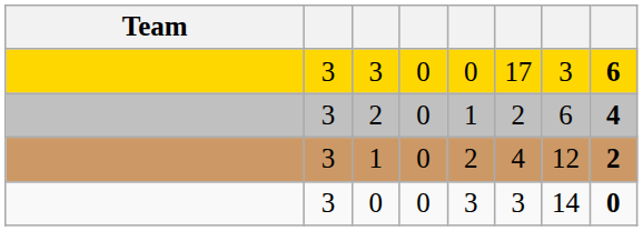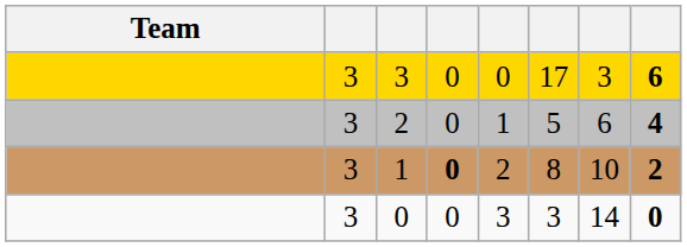 <table class="wikitable" style="text-align:center;">
 <tr>
 <th width=165>Team</th>
 <th width=20></th>
 <th width=20></th>
 <th width=20></th>
 <th width=20></th>
 <th width=20></th>
 <th width=20></th>
 <th width=20></th>
 </tr>
 <tr style="background:gold;">
 <td align="left"></td>
 <td>3</td>
 <td>3</td>
 <td>0</td>
 <td>0</td>
 <td>17</td>
 <td>3</td>
 <td><strong>6</strong></td>
 </tr>
 <tr style="background:silver;">
 <td align="left"></td>
 <td>3</td>
 <td>2</td>
 <td>0</td>
 <td>1</td>
-<td>2</td>
+<td>5</td>
 <td>6</td>
 <td><strong>4</strong></td>
 </tr>
 <tr style="background:#c96;">
 <td align="left"></td>
 <td>3</td>
 <td>1</td>
-<td>0</td>
+<td><strong>0</strong></td>
 <td>2</td>
-<td>4</td>
-<td>12</td>
+<td>8</td>
+<td>10</td>
 <td><strong>2</strong></td>
 </tr>
 <tr>
 <td align="left"></td>
 <td>3</td>
 <td>0</td>
 <td>0</td>
 <td>3</td>
 <td>3</td>
 <td>14</td>
 <td><strong>0</strong></td>
 </tr>
 </table>
